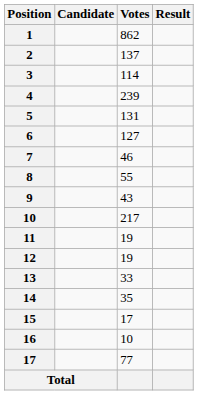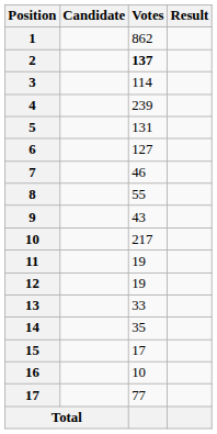 <table class="wikitable sortable col3right">
 <tr>
 <th scope="col">Position</th>
 <th scope="col">Candidate</th>
 <th scope="col">Votes</th>
 <th scope="col">Result</th>
 </tr>
 <tr>
 <th scope="row">1</th>
 <td></td>
 <td>862</td>
 <td></td>
 </tr>
 <tr>
 <th scope="row">2</th>
 <td></td>
-<td>137</td>
+<td><strong>137</strong></td>
 <td></td>
 </tr>
 <tr>
 <th scope="row">3</th>
 <td></td>
 <td>114</td>
 <td></td>
 </tr>
 <tr>
 <th scope="row">4</th>
 <td></td>
 <td>239</td>
 <td></td>
 </tr>
 <tr>
 <th scope="row">5</th>
 <td></td>
 <td>131</td>
 <td></td>
 </tr>
 <tr>
 <th scope="row">6</th>
 <td></td>
 <td>127</td>
 <td></td>
 </tr>
 <tr>
 <th scope="row">7</th>
 <td></td>
 <td>46</td>
 <td></td>
 </tr>
 <tr>
 <th scope="row">8</th>
 <td></td>
 <td>55</td>
 <td></td>
 </tr>
 <tr>
 <th scope="row">9</th>
 <td></td>
 <td>43</td>
 <td></td>
 </tr>
 <tr>
 <th scope="row">10</th>
 <td></td>
 <td>217</td>
 <td></td>
 </tr>
 <tr>
 <th scope="row">11</th>
 <td></td>
 <td>19</td>
 <td></td>
 </tr>
 <tr>
 <th scope="row">12</th>
 <td></td>
 <td>19</td>
 <td></td>
 </tr>
 <tr>
 <th scope="row">13</th>
 <td></td>
 <td>33</td>
 <td></td>
 </tr>
 <tr>
 <th scope="row">14</th>
 <td></td>
 <td>35</td>
 <td></td>
 </tr>
 <tr>
 <th scope="row">15</th>
 <td></td>
 <td>17</td>
 <td></td>
 </tr>
 <tr>
 <th scope="row">16</th>
 <td></td>
 <td>10</td>
 <td></td>
 </tr>
 <tr>
 <th scope="row">17</th>
 <td></td>
 <td>77</td>
 <td></td>
 </tr>
 <tr class="sortbottom">
 <th scope="row" colspan="2">Total</th>
 <th></th>
 <th></th>
 </tr>
 </table>
